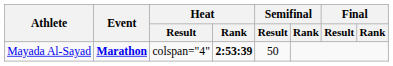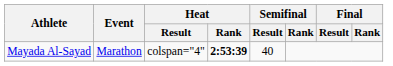 <table class="wikitable" style="font-size:90%">
 <tr>
 <th rowspan="2">Athlete</th>
 <th rowspan="2">Event</th>
 <th colspan="2">Heat</th>
 <th colspan="2">Semifinal</th>
 <th colspan="2">Final</th>
 </tr>
 <tr style="font-size:95%">
 <th>Result</th>
 <th>Rank</th>
 <th>Result</th>
 <th>Rank</th>
 <th>Result</th>
 <th>Rank</th>
 </tr>
 <tr style=text-align:center>
 <td style=text-align:left><a href='#'>Mayada Al-Sayad</a></td>
-<td style=text-align:left><strong><a href='#'>Marathon</a></strong></td>
+<td style=text-align:left><a href='#'>Marathon</a></td>
 <td>colspan="4" </td>
 <td><strong>2:53:39</strong></td>
-<td>50</td>
+<td>40</td>
 </tr>
 </table>
